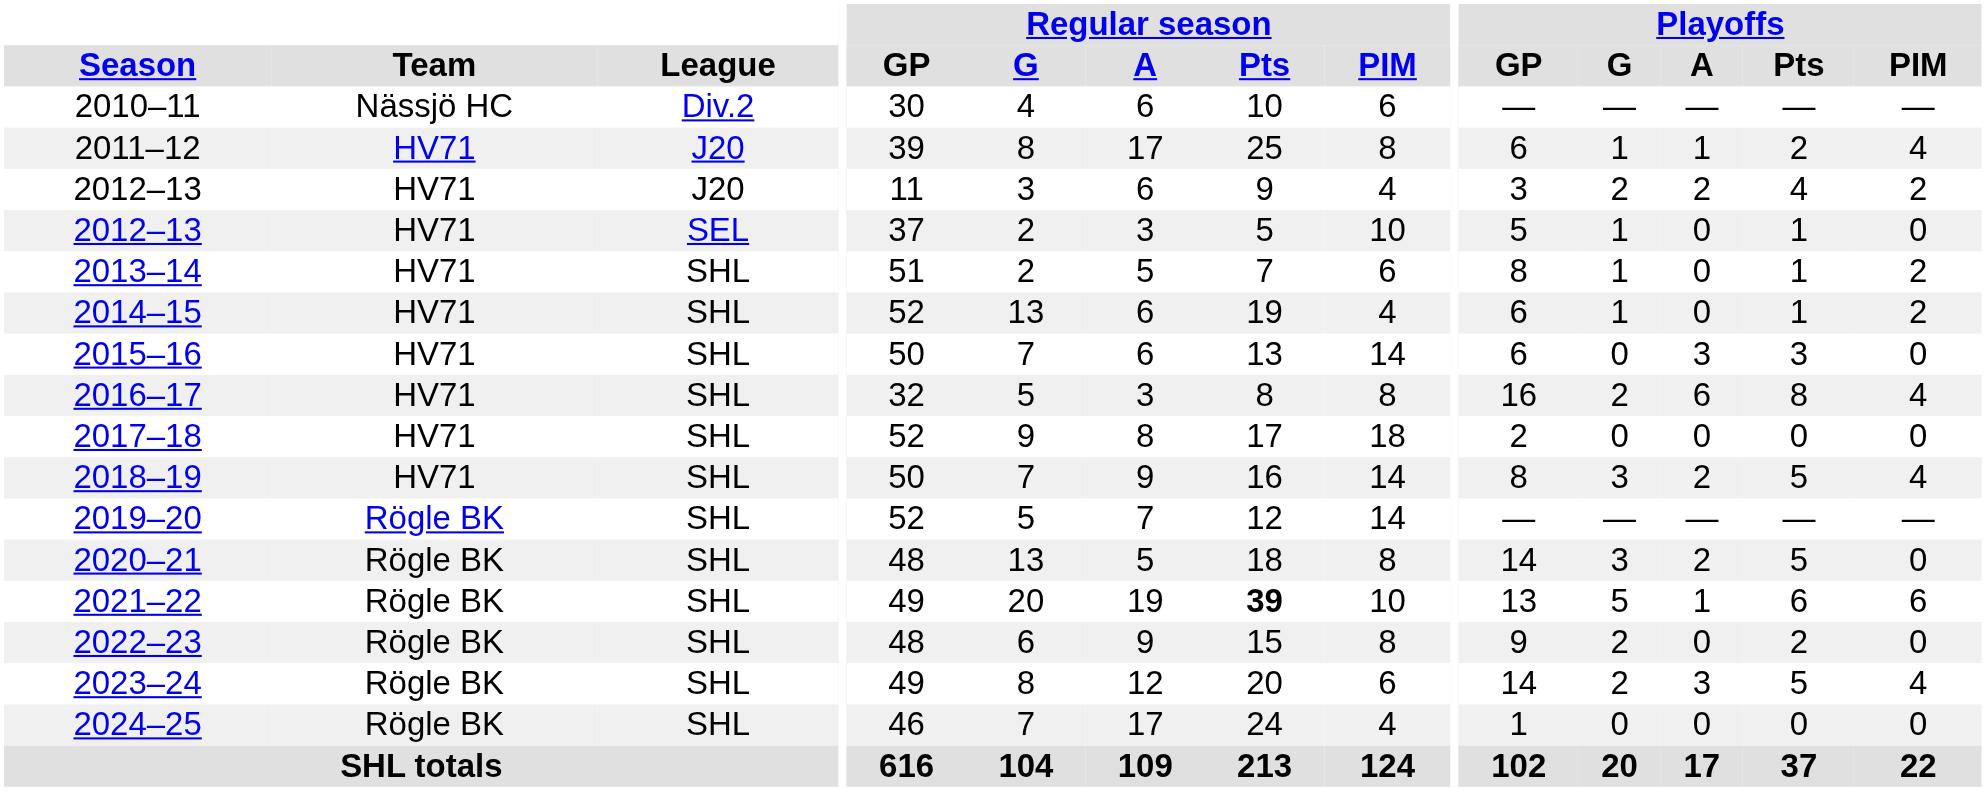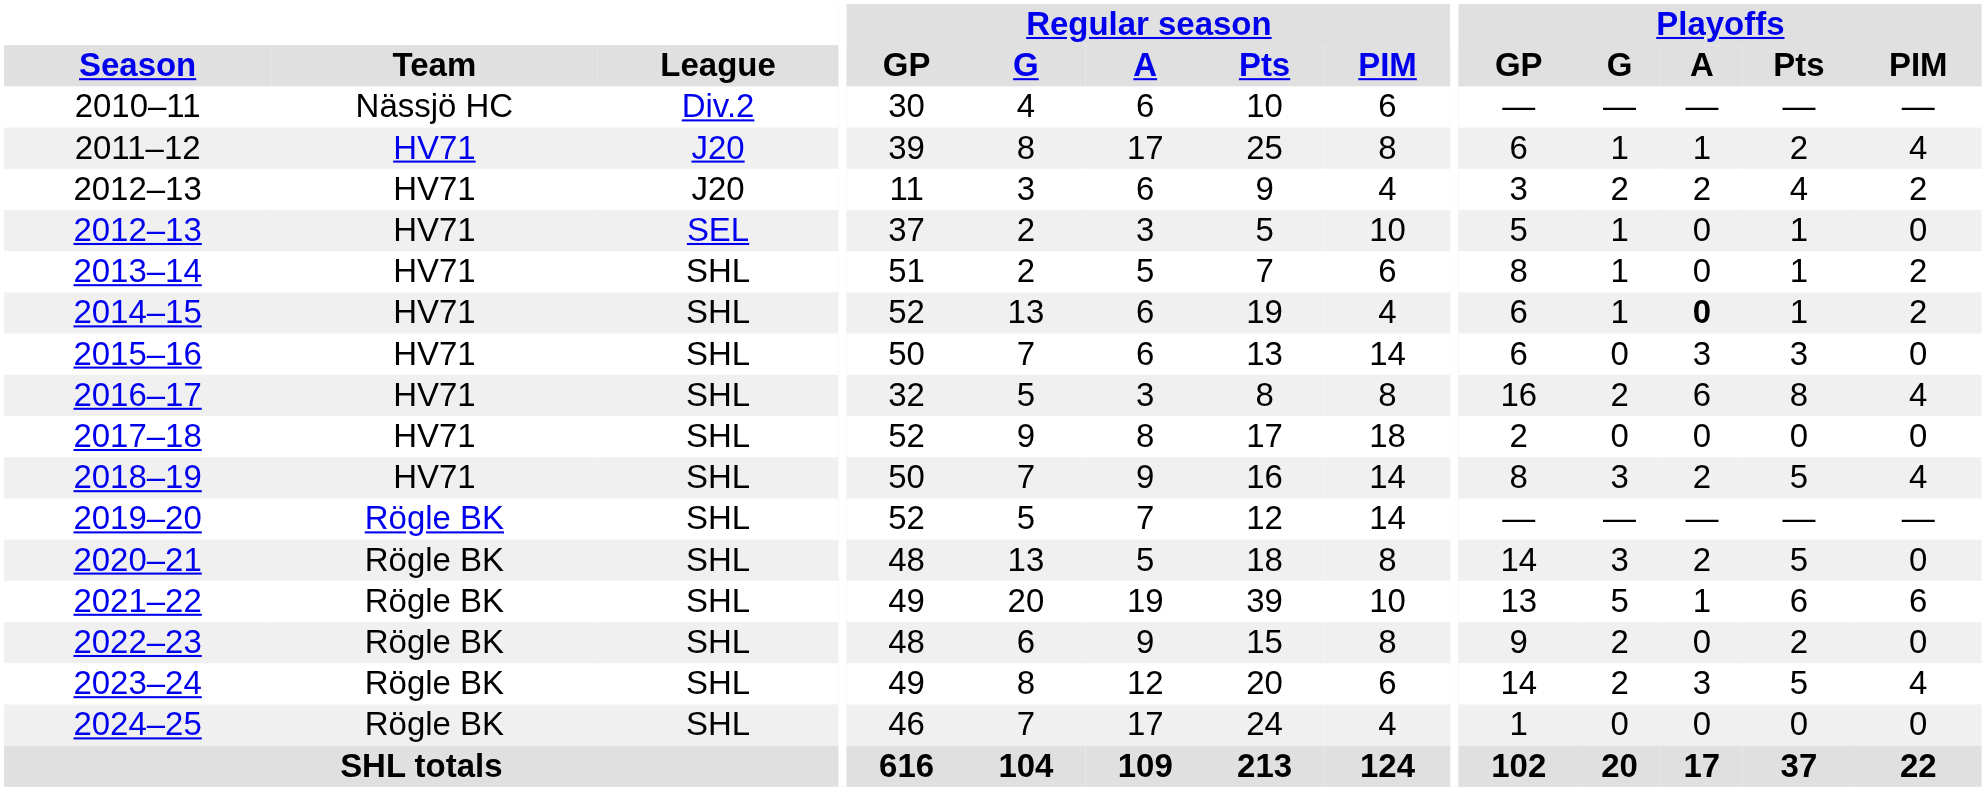 <table border="0" cellpadding="1" cellspacing="0" style="text-align:center; width:60em">
 <tr bgcolor="#e0e0e0">
 <th colspan="3" bgcolor="#ffffff"></th>
 <th rowspan="99" bgcolor="#ffffff"></th>
 <th colspan="5"><a href='#'>Regular season</a></th>
 <th rowspan="99" bgcolor="#ffffff"></th>
 <th colspan="5"><a href='#'>Playoffs</a></th>
 </tr>
 <tr bgcolor="#e0e0e0">
 <th><a href='#'>Season</a></th>
 <th>Team</th>
 <th>League</th>
 <th>GP</th>
 <th><a href='#'>G</a></th>
 <th><a href='#'>A</a></th>
 <th><a href='#'>Pts</a></th>
 <th><a href='#'>PIM</a></th>
 <th>GP</th>
 <th>G</th>
 <th>A</th>
 <th>Pts</th>
 <th>PIM</th>
 </tr>
 <tr>
 <td>2010–11</td>
 <td>Nässjö HC</td>
 <td><a href='#'>Div.2</a></td>
 <td>30</td>
 <td>4</td>
 <td>6</td>
 <td>10</td>
 <td>6</td>
 <td>—</td>
 <td>—</td>
 <td>—</td>
 <td>—</td>
 <td>—</td>
 </tr>
 <tr bgcolor="#f0f0f0">
 <td>2011–12</td>
 <td><a href='#'>HV71</a></td>
 <td><a href='#'>J20</a></td>
 <td>39</td>
 <td>8</td>
 <td>17</td>
 <td>25</td>
 <td>8</td>
 <td>6</td>
 <td>1</td>
 <td>1</td>
 <td>2</td>
 <td>4</td>
 </tr>
 <tr>
 <td>2012–13</td>
 <td>HV71</td>
 <td>J20</td>
 <td>11</td>
 <td>3</td>
 <td>6</td>
 <td>9</td>
 <td>4</td>
 <td>3</td>
 <td>2</td>
 <td>2</td>
 <td>4</td>
 <td>2</td>
 </tr>
 <tr bgcolor="#f0f0f0">
 <td><a href='#'>2012–13</a></td>
 <td>HV71</td>
 <td><a href='#'>SEL</a></td>
 <td>37</td>
 <td>2</td>
 <td>3</td>
 <td>5</td>
 <td>10</td>
 <td>5</td>
 <td>1</td>
 <td>0</td>
 <td>1</td>
 <td>0</td>
 </tr>
 <tr>
 <td><a href='#'>2013–14</a></td>
 <td>HV71</td>
 <td>SHL</td>
 <td>51</td>
 <td>2</td>
 <td>5</td>
 <td>7</td>
 <td>6</td>
 <td>8</td>
 <td>1</td>
 <td>0</td>
 <td>1</td>
 <td>2</td>
 </tr>
 <tr bgcolor="#f0f0f0">
 <td><a href='#'>2014–15</a></td>
 <td>HV71</td>
 <td>SHL</td>
 <td>52</td>
 <td>13</td>
 <td>6</td>
 <td>19</td>
 <td>4</td>
 <td>6</td>
 <td>1</td>
-<td>0</td>
+<td><strong>0</strong></td>
 <td>1</td>
 <td>2</td>
 </tr>
 <tr>
 <td><a href='#'>2015–16</a></td>
 <td>HV71</td>
 <td>SHL</td>
 <td>50</td>
 <td>7</td>
 <td>6</td>
 <td>13</td>
 <td>14</td>
 <td>6</td>
 <td>0</td>
 <td>3</td>
 <td>3</td>
 <td>0</td>
 </tr>
 <tr bgcolor="#f0f0f0">
 <td><a href='#'>2016–17</a></td>
 <td>HV71</td>
 <td>SHL</td>
 <td>32</td>
 <td>5</td>
 <td>3</td>
 <td>8</td>
 <td>8</td>
 <td>16</td>
 <td>2</td>
 <td>6</td>
 <td>8</td>
 <td>4</td>
 </tr>
 <tr>
 <td><a href='#'>2017–18</a></td>
 <td>HV71</td>
 <td>SHL</td>
 <td>52</td>
 <td>9</td>
 <td>8</td>
 <td>17</td>
 <td>18</td>
 <td>2</td>
 <td>0</td>
 <td>0</td>
 <td>0</td>
 <td>0</td>
 </tr>
 <tr bgcolor="#f0f0f0">
 <td><a href='#'>2018–19</a></td>
 <td>HV71</td>
 <td>SHL</td>
 <td>50</td>
 <td>7</td>
 <td>9</td>
 <td>16</td>
 <td>14</td>
 <td>8</td>
 <td>3</td>
 <td>2</td>
 <td>5</td>
 <td>4</td>
 </tr>
 <tr>
 <td><a href='#'>2019–20</a></td>
 <td><a href='#'>Rögle BK</a></td>
 <td>SHL</td>
 <td>52</td>
 <td>5</td>
 <td>7</td>
 <td>12</td>
 <td>14</td>
 <td>—</td>
 <td>—</td>
 <td>—</td>
 <td>—</td>
 <td>—</td>
 </tr>
 <tr bgcolor="#f0f0f0">
 <td><a href='#'>2020–21</a></td>
 <td>Rögle BK</td>
 <td>SHL</td>
 <td>48</td>
 <td>13</td>
 <td>5</td>
 <td>18</td>
 <td>8</td>
 <td>14</td>
 <td>3</td>
 <td>2</td>
 <td>5</td>
 <td>0</td>
 </tr>
 <tr>
 <td><a href='#'>2021–22</a></td>
 <td>Rögle BK</td>
 <td>SHL</td>
 <td>49</td>
 <td>20</td>
 <td>19</td>
-<td><strong>39</strong></td>
+<td>39</td>
 <td>10</td>
 <td>13</td>
 <td>5</td>
 <td>1</td>
 <td>6</td>
 <td>6</td>
 </tr>
 <tr bgcolor="#f0f0f0">
 <td><a href='#'>2022–23</a></td>
 <td>Rögle BK</td>
 <td>SHL</td>
 <td>48</td>
 <td>6</td>
 <td>9</td>
 <td>15</td>
 <td>8</td>
 <td>9</td>
 <td>2</td>
 <td>0</td>
 <td>2</td>
 <td>0</td>
 </tr>
 <tr>
 <td><a href='#'>2023–24</a></td>
 <td>Rögle BK</td>
 <td>SHL</td>
 <td>49</td>
 <td>8</td>
 <td>12</td>
 <td>20</td>
 <td>6</td>
 <td>14</td>
 <td>2</td>
 <td>3</td>
 <td>5</td>
 <td>4</td>
 </tr>
 <tr bgcolor="#f0f0f0">
 <td><a href='#'>2024–25</a></td>
 <td>Rögle BK</td>
 <td>SHL</td>
 <td>46</td>
 <td>7</td>
 <td>17</td>
 <td>24</td>
 <td>4</td>
 <td>1</td>
 <td>0</td>
 <td>0</td>
 <td>0</td>
 <td>0</td>
 </tr>
 <tr bgcolor="#e0e0e0">
 <th colspan="3">SHL totals</th>
 <th>616</th>
 <th>104</th>
 <th>109</th>
 <th>213</th>
 <th>124</th>
 <th>102</th>
 <th>20</th>
 <th>17</th>
 <th>37</th>
 <th>22</th>
 </tr>
 </table>
